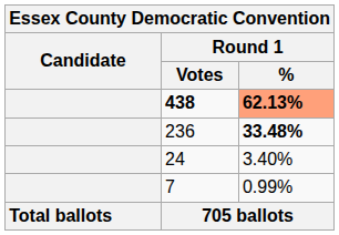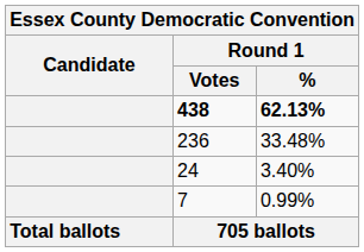 <table class="wikitable sortable">
 <tr>
 <th colspan=" 19 ">Essex County Democratic Convention</th>
 </tr>
 <tr style="background:#eee; text-align:center;">
 <th rowspan=2 style="text-align:center;">Candidate</th>
 <th colspan=2 style="text-align:center;">Round 1</th>
 </tr>
 <tr>
 <th>Votes</th>
 <th>%</th>
 </tr>
 <tr>
 <th scope="row" style="text-align:left;"></th>
 <td><strong>438</strong></td>
-<td style="background: lightsalmon;"><strong>62.13%</strong></td>
+<td><strong>62.13%</strong></td>
 </tr>
 <tr>
 </tr>
 <tr>
 </tr>
 <tr>
 <th scope="row" style="text-align:left;"></th>
 <td>236</td>
-<td><strong>33.48%</strong></td>
+<td>33.48%</td>
 </tr>
 <tr>
 </tr>
 <tr>
 </tr>
 <tr>
 <th scope="row" style="text-align:left;"></th>
 <td>24</td>
 <td>3.40%</td>
 </tr>
 <tr>
 </tr>
 <tr>
 </tr>
 <tr>
 <th scope="row" style="text-align:left;"></th>
 <td>7</td>
 <td>0.99%</td>
 </tr>
 <tr>
 </tr>
 <tr>
 </tr>
 <tr>
 <th scope="row" style="text-align:left;">Total ballots</th>
 <th colspan="2">705 ballots</th>
 </tr>
 <tr>
 </tr>
 </table>
